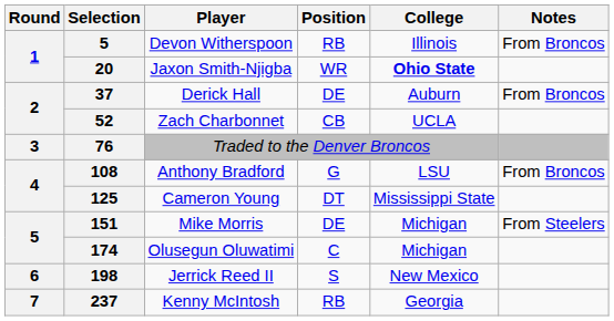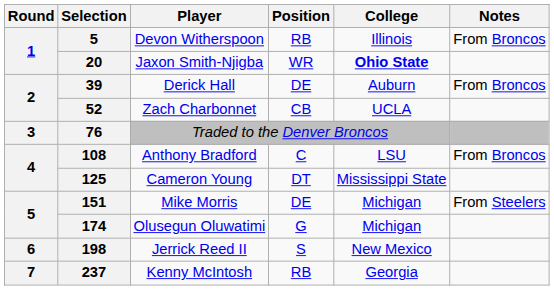 <table class="wikitable" style="text-align:center">
 <tr>
 <th>Round</th>
 <th>Selection</th>
 <th>Player</th>
 <th>Position</th>
 <th>College</th>
 <th>Notes</th>
 </tr>
 <tr>
 <th rowspan="2"><a href='#'>1</a></th>
 <th>5</th>
 <td><a href='#'>Devon Witherspoon</a></td>
 <td><a href='#'>RB</a></td>
 <td><a href='#'>Illinois</a></td>
 <td>From <a href='#'>Broncos</a></td>
 </tr>
 <tr>
 <th>20</th>
 <td><a href='#'>Jaxon Smith-Njigba</a></td>
 <td><a href='#'>WR</a></td>
 <td><strong><a href='#'>Ohio State</a></strong></td>
 <td></td>
 </tr>
 <tr>
 <th rowspan="2">2</th>
-<th>37</th>
+<th>39</th>
 <td><a href='#'>Derick Hall</a></td>
 <td><a href='#'>DE</a></td>
 <td><a href='#'>Auburn</a></td>
 <td>From <a href='#'>Broncos</a></td>
 </tr>
 <tr>
 <th>52</th>
 <td><a href='#'>Zach Charbonnet</a></td>
 <td><a href='#'>CB</a></td>
 <td><a href='#'>UCLA</a></td>
 <td></td>
 </tr>
 <tr>
 <th>3</th>
 <th>76</th>
 <td colspan="3" style="background:#BFBFBF"><em>Traded to the <a href='#'>Denver Broncos</a></em></td>
 <td style="background:#BFBFBF"></td>
 </tr>
 <tr>
 <th rowspan="2">4</th>
 <th>108</th>
 <td><a href='#'>Anthony Bradford</a></td>
-<td><a href='#'>G</a></td>
+<td><a href='#'>C</a></td>
 <td><a href='#'>LSU</a></td>
 <td>From <a href='#'>Broncos</a></td>
 </tr>
 <tr>
 <th>125</th>
 <td><a href='#'>Cameron Young</a></td>
 <td><a href='#'>DT</a></td>
 <td><a href='#'>Mississippi State</a></td>
 <td></td>
 </tr>
 <tr>
 <th rowspan="2">5</th>
 <th>151</th>
 <td><a href='#'>Mike Morris</a></td>
 <td><a href='#'>DE</a></td>
 <td><a href='#'>Michigan</a></td>
 <td>From <a href='#'>Steelers</a></td>
 </tr>
 <tr>
 <th>174</th>
 <td><a href='#'>Olusegun Oluwatimi</a></td>
-<td><a href='#'>C</a></td>
+<td><a href='#'>G</a></td>
 <td><a href='#'>Michigan</a></td>
 <td></td>
 </tr>
 <tr>
 <th>6</th>
 <th>198</th>
 <td><a href='#'>Jerrick Reed II</a></td>
 <td><a href='#'>S</a></td>
 <td><a href='#'>New Mexico</a></td>
 <td></td>
 </tr>
 <tr>
 <th>7</th>
 <th>237</th>
 <td><a href='#'>Kenny McIntosh</a></td>
 <td><a href='#'>RB</a></td>
 <td><a href='#'>Georgia</a></td>
 <td></td>
 </tr>
 </table>
